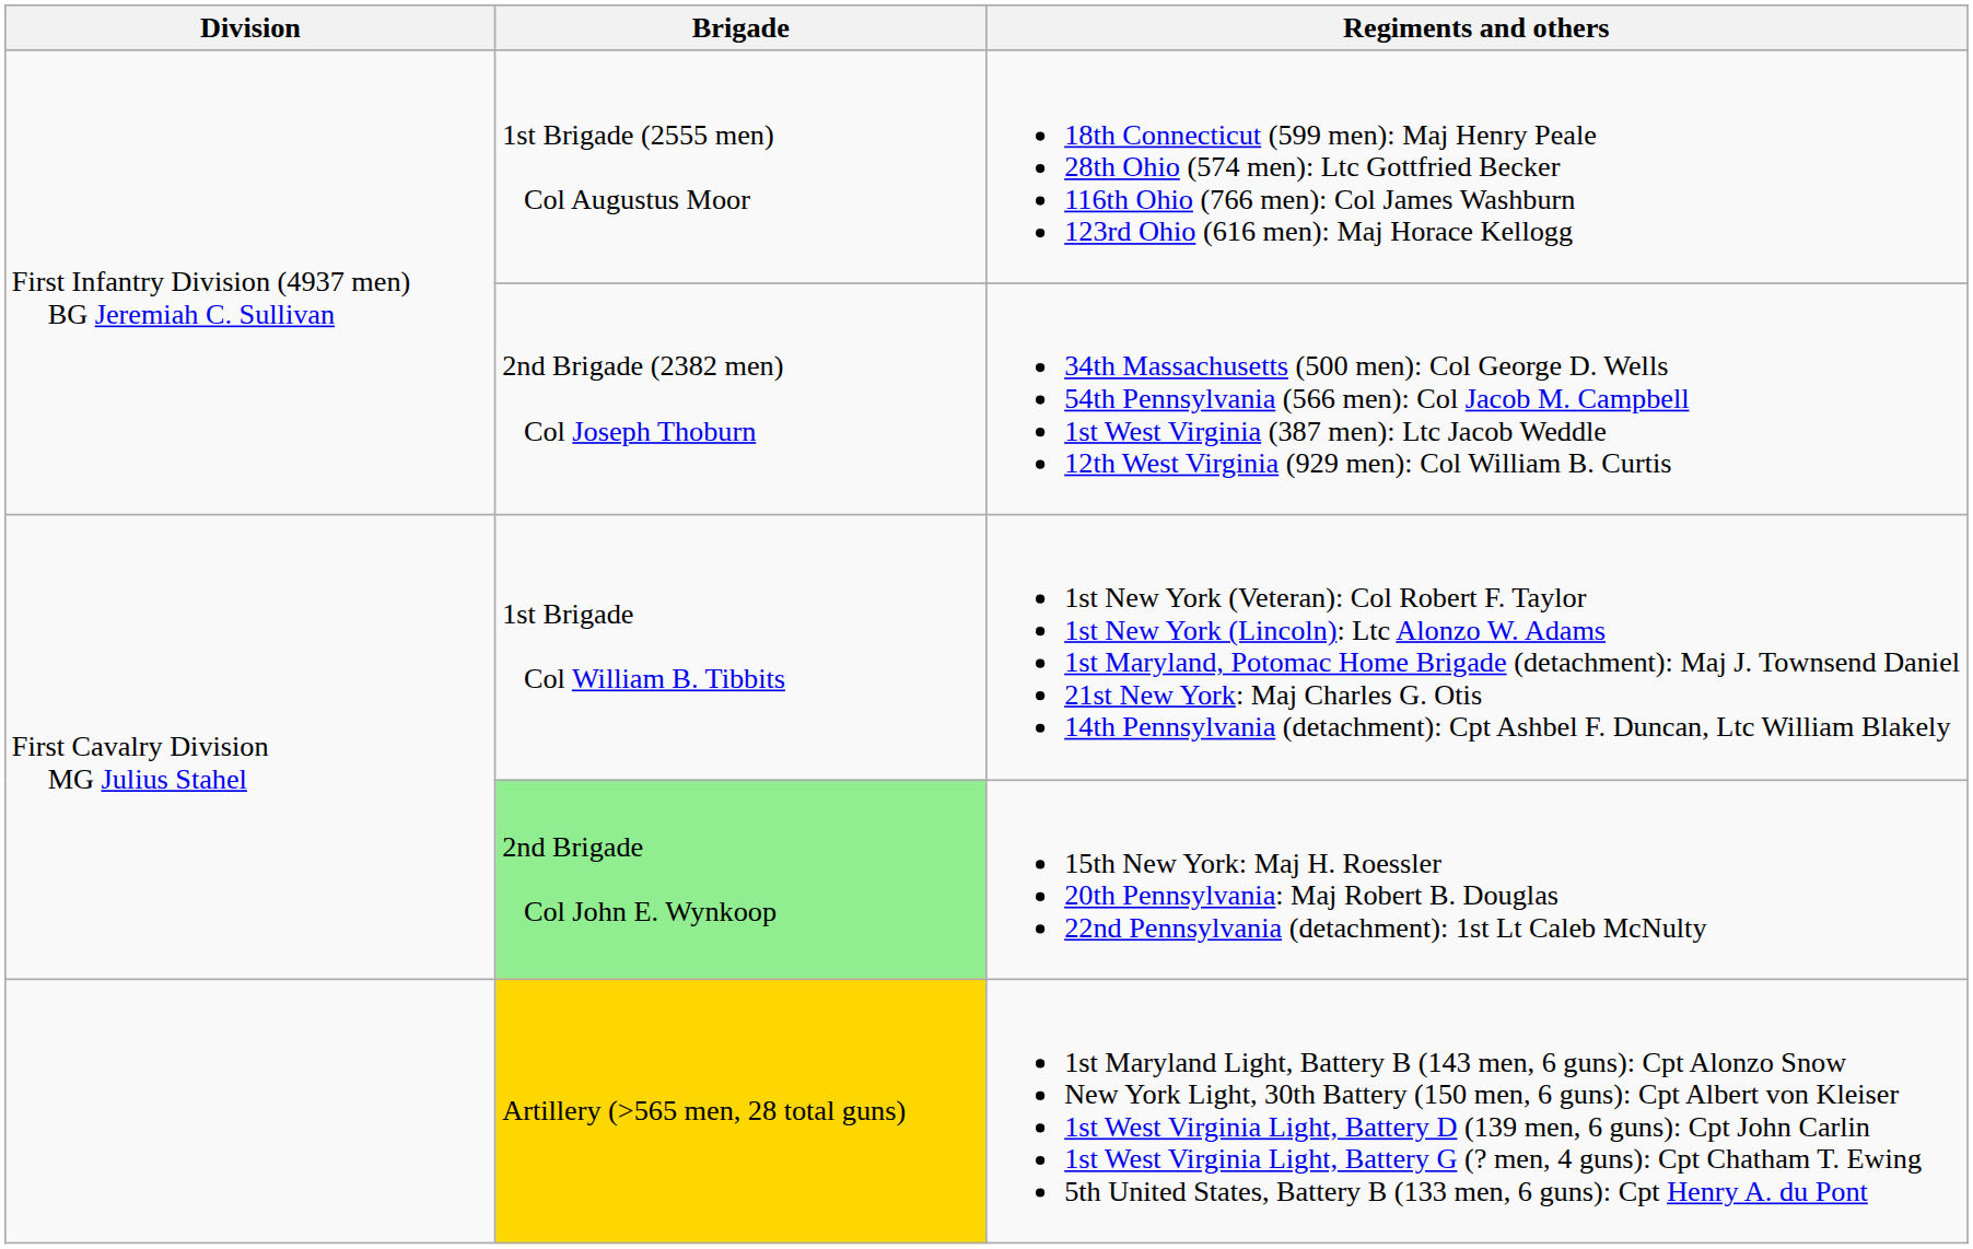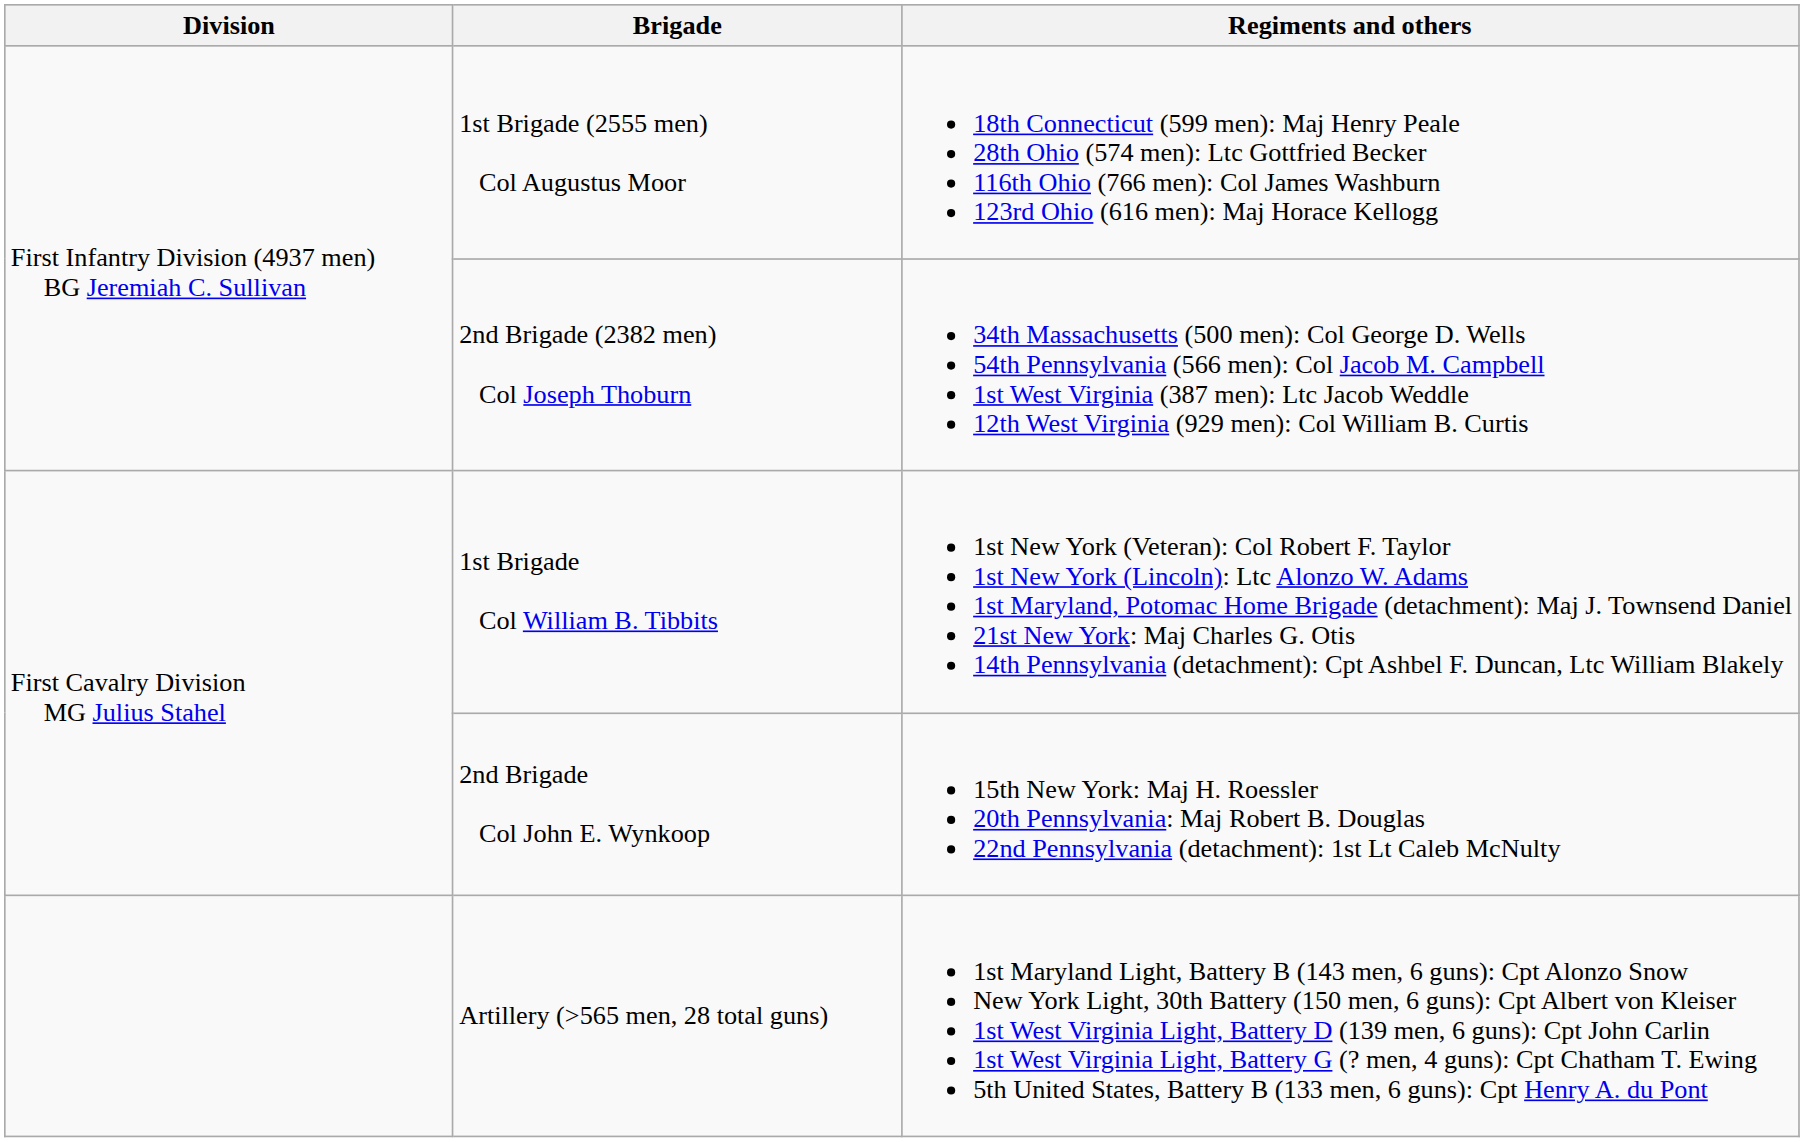 <table class="wikitable">
 <tr>
 <th width=25%>Division</th>
 <th width=25%>Brigade</th>
 <th>Regiments and others</th>
 </tr>
 <tr>
 <td rowspan=2><br>First Infantry Division (4937 men) <br>     BG <a href='#'>Jeremiah C. Sullivan</a></td>
 <td>1st Brigade (2555 men)<br><br>   Col Augustus Moor</td>
 <td><br><ul><li><a href='#'>18th Connecticut</a> (599 men): Maj Henry Peale</li><li><a href='#'>28th Ohio</a> (574 men): Ltc Gottfried Becker</li><li><a href='#'>116th Ohio</a> (766 men): Col James Washburn</li><li><a href='#'>123rd Ohio</a> (616 men): Maj Horace Kellogg</li></ul></td>
 </tr>
 <tr>
 <td>2nd Brigade (2382 men)<br><br>   Col <a href='#'>Joseph Thoburn</a></td>
 <td><br><ul><li><a href='#'>34th Massachusetts</a> (500 men): Col George D. Wells</li><li><a href='#'>54th Pennsylvania</a> (566 men): Col <a href='#'>Jacob M. Campbell</a></li><li><a href='#'>1st West Virginia</a> (387 men): Ltc Jacob Weddle</li><li><a href='#'>12th West Virginia</a> (929 men): Col William B. Curtis</li></ul></td>
 </tr>
 <tr>
 <td rowspan=2><br>First Cavalry Division <br>     MG <a href='#'>Julius Stahel</a></td>
 <td>1st Brigade<br><br>   Col <a href='#'>William B. Tibbits</a></td>
 <td><br><ul><li>1st New York (Veteran): Col Robert F. Taylor</li><li><a href='#'>1st New York (Lincoln)</a>: Ltc <a href='#'>Alonzo W. Adams</a></li><li><a href='#'>1st Maryland, Potomac Home Brigade</a> (detachment): Maj J. Townsend Daniel</li><li><a href='#'>21st New York</a>: Maj Charles G. Otis</li><li><a href='#'>14th Pennsylvania</a> (detachment): Cpt Ashbel F. Duncan, Ltc William Blakely</li></ul></td>
 </tr>
 <tr>
-<td style="background: lightgreen;">2nd Brigade<br><br>   Col John E. Wynkoop</td>
+<td>2nd Brigade<br><br>   Col John E. Wynkoop</td>
 <td><br><ul><li>15th New York: Maj H. Roessler</li><li><a href='#'>20th Pennsylvania</a>: Maj Robert B. Douglas</li><li><a href='#'>22nd Pennsylvania</a> (detachment): 1st Lt Caleb McNulty</li></ul></td>
 </tr>
 <tr>
 <td></td>
-<td style="background: gold;">Artillery (>565 men, 28 total guns)</td>
+<td>Artillery (>565 men, 28 total guns)</td>
 <td><br><ul><li>1st Maryland Light, Battery B (143 men, 6 guns): Cpt Alonzo Snow</li><li>New York Light, 30th Battery (150 men, 6 guns): Cpt Albert von Kleiser</li><li><a href='#'>1st West Virginia Light, Battery D</a> (139 men, 6 guns): Cpt John Carlin</li><li><a href='#'>1st West Virginia Light, Battery G</a> (? men, 4 guns): Cpt Chatham T. Ewing</li><li>5th United States, Battery B (133 men, 6 guns): Cpt <a href='#'>Henry A. du Pont</a></li></ul></td>
 </tr>
 </table>
